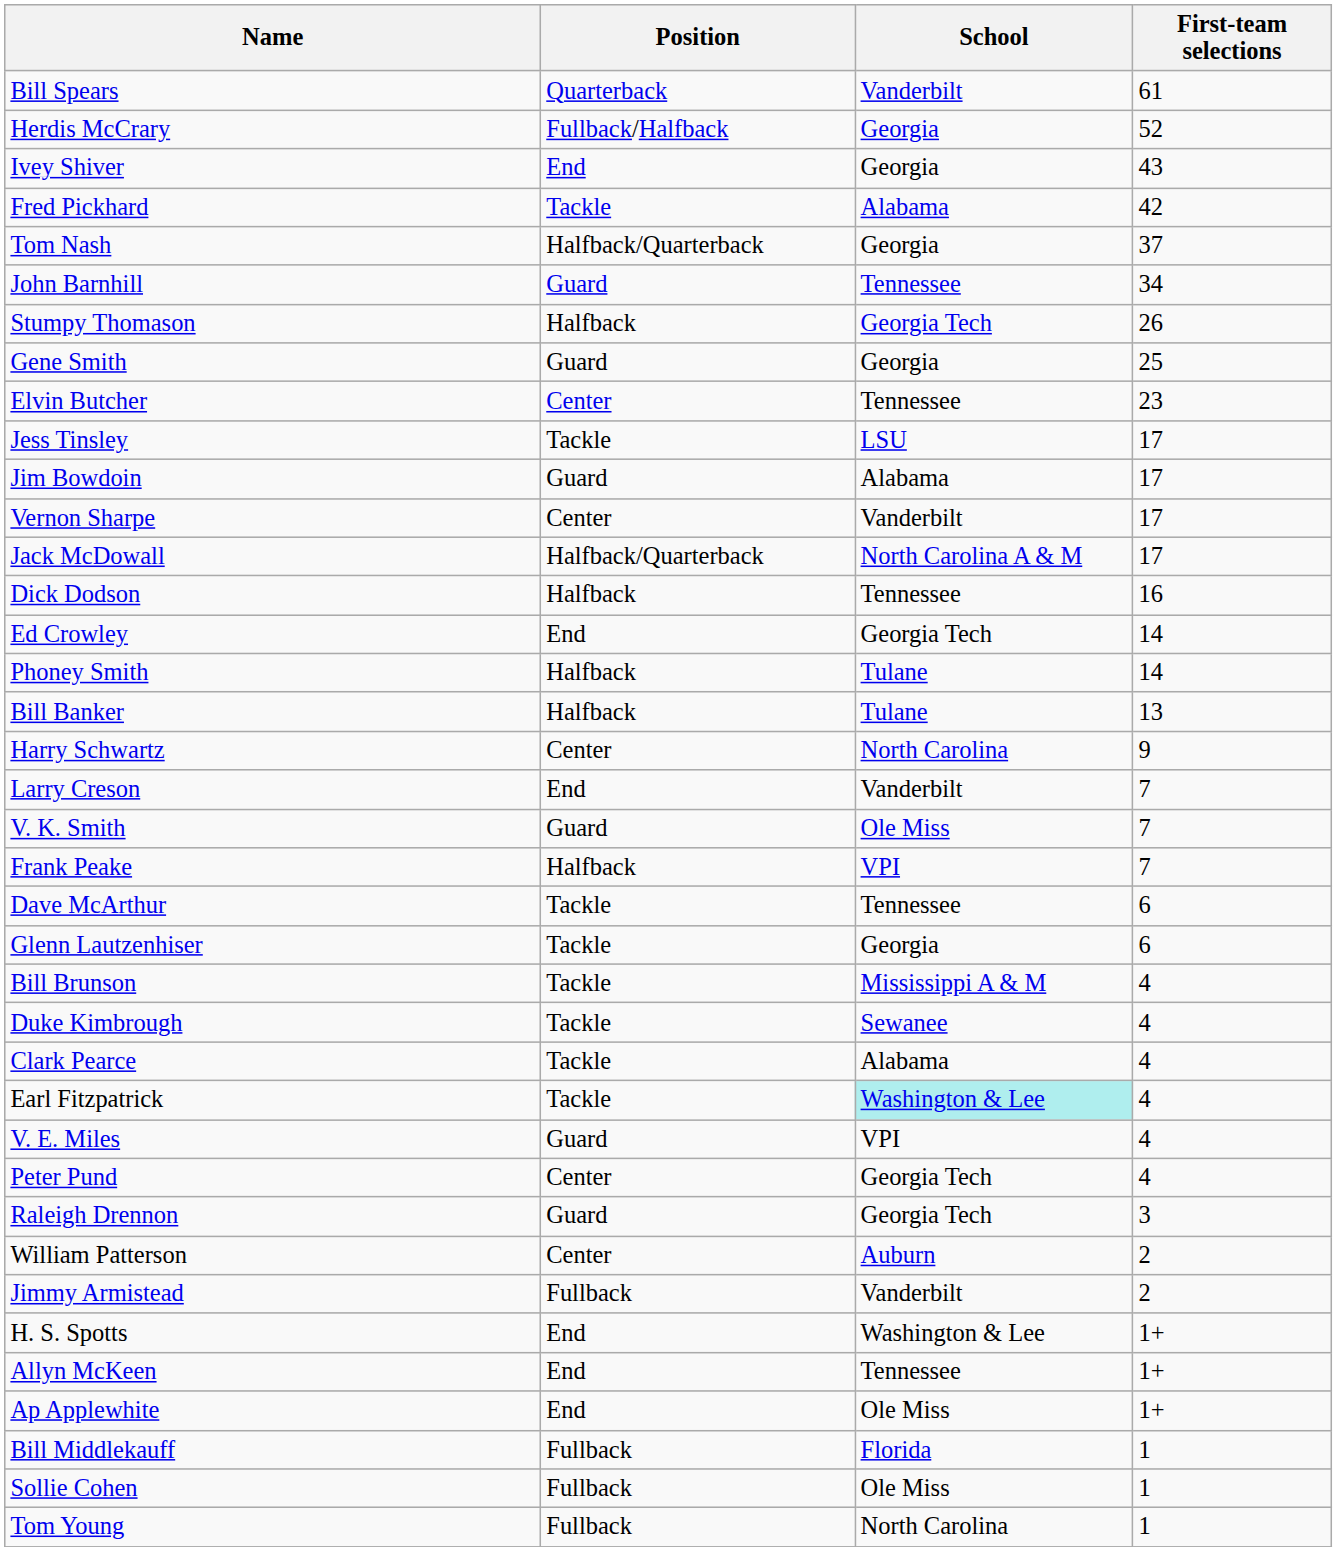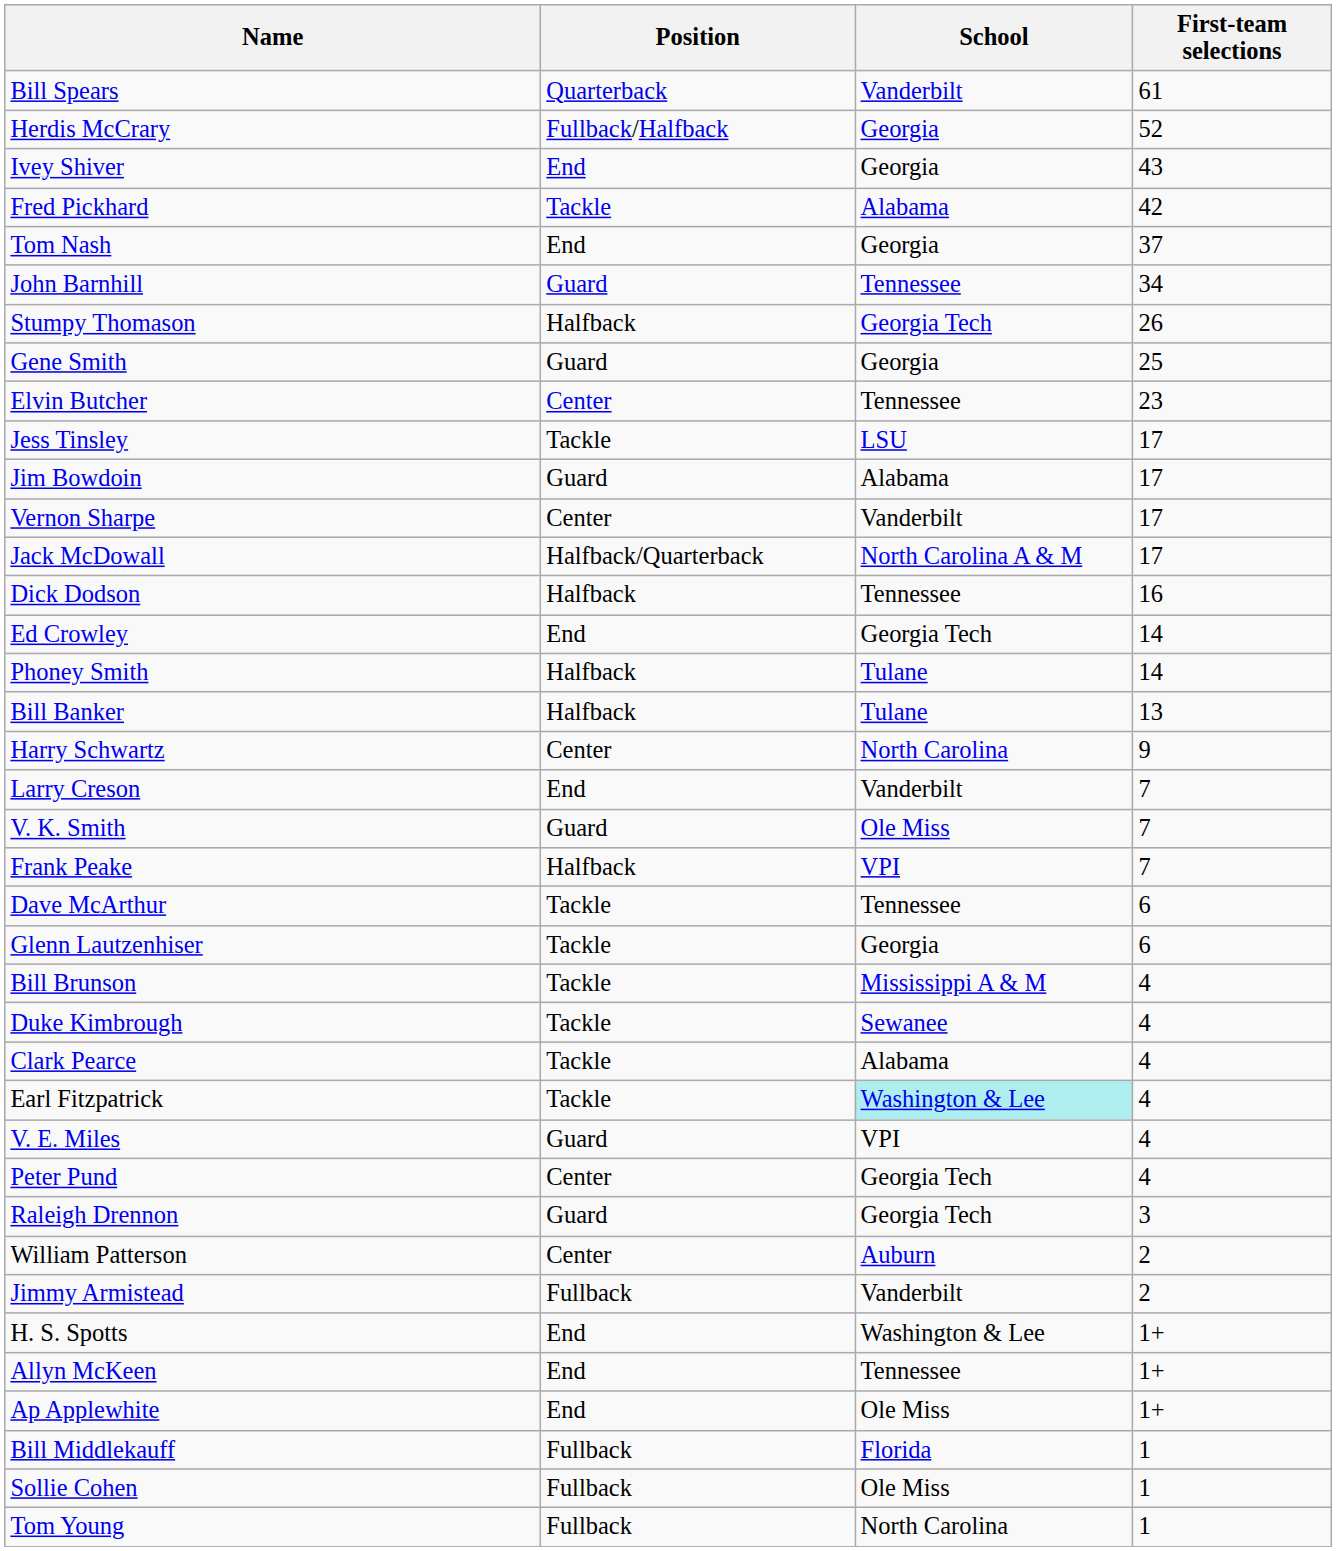 <table class="wikitable sortable">
 <tr>
 <th bgcolor="#DDDDFF" width="27%">Name</th>
 <th bgcolor="#DDDDFF" width="13%">Position</th>
 <th bgcolor="#DDDDFF" width="14%">School</th>
 <th bgcolor="#DDDDFF" width="10%">First-team selections</th>
 </tr>
 <tr align="left">
 <td><a href='#'>Bill Spears</a></td>
 <td><a href='#'>Quarterback</a></td>
 <td><a href='#'>Vanderbilt</a></td>
 <td>61</td>
 </tr>
 <tr align="left">
 <td><a href='#'>Herdis McCrary</a></td>
 <td><a href='#'>Fullback</a>/<a href='#'>Halfback</a></td>
 <td><a href='#'>Georgia</a></td>
 <td>52</td>
 </tr>
 <tr align="left">
 <td><a href='#'>Ivey Shiver</a></td>
 <td><a href='#'>End</a></td>
 <td>Georgia</td>
 <td>43</td>
 </tr>
 <tr align="left">
 <td><a href='#'>Fred Pickhard</a></td>
 <td><a href='#'>Tackle</a></td>
 <td><a href='#'>Alabama</a></td>
 <td>42</td>
 </tr>
 <tr align="left">
 <td><a href='#'>Tom Nash</a></td>
-<td>Halfback/Quarterback</td>
+<td>End</td>
 <td>Georgia</td>
 <td>37</td>
 </tr>
 <tr align="left">
 <td><a href='#'>John Barnhill</a></td>
 <td><a href='#'>Guard</a></td>
 <td><a href='#'>Tennessee</a></td>
 <td>34</td>
 </tr>
 <tr align="left">
 <td><a href='#'>Stumpy Thomason</a></td>
 <td>Halfback</td>
 <td><a href='#'>Georgia Tech</a></td>
 <td>26</td>
 </tr>
 <tr align="left">
 <td><a href='#'>Gene Smith</a></td>
 <td>Guard</td>
 <td>Georgia</td>
 <td>25</td>
 </tr>
 <tr align="left">
 <td><a href='#'>Elvin Butcher</a></td>
 <td><a href='#'>Center</a></td>
 <td>Tennessee</td>
 <td>23</td>
 </tr>
 <tr align="left">
 <td><a href='#'>Jess Tinsley</a></td>
 <td>Tackle</td>
 <td><a href='#'>LSU</a></td>
 <td>17</td>
 </tr>
 <tr align="left">
 <td><a href='#'>Jim Bowdoin</a></td>
 <td>Guard</td>
 <td>Alabama</td>
 <td>17</td>
 </tr>
 <tr align="left">
 <td><a href='#'>Vernon Sharpe</a></td>
 <td>Center</td>
 <td>Vanderbilt</td>
 <td>17</td>
 </tr>
 <tr align="left">
 <td><a href='#'>Jack McDowall</a></td>
 <td>Halfback/Quarterback</td>
 <td><a href='#'>North Carolina A & M</a></td>
 <td>17</td>
 </tr>
 <tr align="left">
 <td><a href='#'>Dick Dodson</a></td>
 <td>Halfback</td>
 <td>Tennessee</td>
 <td>16</td>
 </tr>
 <tr align="left">
 <td><a href='#'>Ed Crowley</a></td>
 <td>End</td>
 <td>Georgia Tech</td>
 <td>14</td>
 </tr>
 <tr align="left">
 <td><a href='#'>Phoney Smith</a></td>
 <td>Halfback</td>
 <td><a href='#'>Tulane</a></td>
 <td>14</td>
 </tr>
 <tr align="left">
 <td><a href='#'>Bill Banker</a></td>
 <td>Halfback</td>
 <td><a href='#'>Tulane</a></td>
 <td>13</td>
 </tr>
 <tr align="left">
 <td><a href='#'>Harry Schwartz</a></td>
 <td>Center</td>
 <td><a href='#'>North Carolina</a></td>
 <td>9</td>
 </tr>
 <tr align="left">
 <td><a href='#'>Larry Creson</a></td>
 <td>End</td>
 <td>Vanderbilt</td>
 <td>7</td>
 </tr>
 <tr align="left">
 <td><a href='#'>V. K. Smith</a></td>
 <td>Guard</td>
 <td><a href='#'>Ole Miss</a></td>
 <td>7</td>
 </tr>
 <tr align="left">
 <td><a href='#'>Frank Peake</a></td>
 <td>Halfback</td>
 <td><a href='#'>VPI</a></td>
 <td>7</td>
 </tr>
 <tr align="left">
 <td><a href='#'>Dave McArthur</a></td>
 <td>Tackle</td>
 <td>Tennessee</td>
 <td>6</td>
 </tr>
 <tr align="left">
 <td><a href='#'>Glenn Lautzenhiser</a></td>
 <td>Tackle</td>
 <td>Georgia</td>
 <td>6</td>
 </tr>
 <tr align="left">
 <td><a href='#'>Bill Brunson</a></td>
 <td>Tackle</td>
 <td><a href='#'>Mississippi A & M</a></td>
 <td>4</td>
 </tr>
 <tr align="left">
 <td><a href='#'>Duke Kimbrough</a></td>
 <td>Tackle</td>
 <td><a href='#'>Sewanee</a></td>
 <td>4</td>
 </tr>
 <tr align="left">
 <td><a href='#'>Clark Pearce</a></td>
 <td>Tackle</td>
 <td>Alabama</td>
 <td>4</td>
 </tr>
 <tr align="left">
 <td>Earl Fitzpatrick</td>
 <td>Tackle</td>
 <td style="background: paleturquoise;"><a href='#'>Washington & Lee</a></td>
 <td>4</td>
 </tr>
 <tr align="left">
 <td><a href='#'>V. E. Miles</a></td>
 <td>Guard</td>
 <td>VPI</td>
 <td>4</td>
 </tr>
 <tr align="left">
 <td><a href='#'>Peter Pund</a></td>
 <td>Center</td>
 <td>Georgia Tech</td>
 <td>4</td>
 </tr>
 <tr align="left">
 <td><a href='#'>Raleigh Drennon</a></td>
 <td>Guard</td>
 <td>Georgia Tech</td>
 <td>3</td>
 </tr>
 <tr align="left">
 <td>William Patterson</td>
 <td>Center</td>
 <td><a href='#'>Auburn</a></td>
 <td>2</td>
 </tr>
 <tr align="left">
 <td><a href='#'>Jimmy Armistead</a></td>
 <td>Fullback</td>
 <td>Vanderbilt</td>
 <td>2</td>
 </tr>
 <tr align="left">
 <td>H. S. Spotts</td>
 <td>End</td>
 <td>Washington & Lee</td>
 <td>1+</td>
 </tr>
 <tr align="left">
 <td><a href='#'>Allyn McKeen</a></td>
 <td>End</td>
 <td>Tennessee</td>
 <td>1+</td>
 </tr>
 <tr align="left">
 <td><a href='#'>Ap Applewhite</a></td>
 <td>End</td>
 <td>Ole Miss</td>
 <td>1+</td>
 </tr>
 <tr align="left">
 <td><a href='#'>Bill Middlekauff</a></td>
 <td>Fullback</td>
 <td><a href='#'>Florida</a></td>
 <td>1</td>
 </tr>
 <tr align="left">
 <td><a href='#'>Sollie Cohen</a></td>
 <td>Fullback</td>
 <td>Ole Miss</td>
 <td>1</td>
 </tr>
 <tr align="left">
 <td><a href='#'>Tom Young</a></td>
 <td>Fullback</td>
 <td>North Carolina</td>
 <td>1</td>
 </tr>
 <tr align="left">
 </tr>
 </table>
